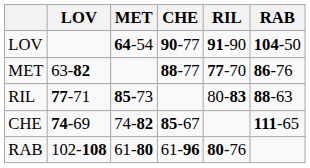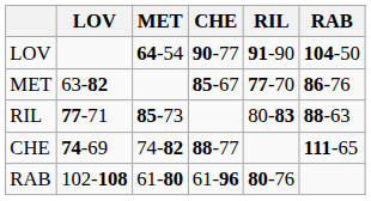 <table class="wikitable">
 <tr>
 <th></th>
 <th> LOV</th>
 <th> MET</th>
 <th> CHE</th>
 <th> RIL</th>
 <th> RAB</th>
 </tr>
 <tr>
 <td> LOV</td>
 <td></td>
 <td><strong>64</strong>-54</td>
 <td><strong>90</strong>-77</td>
 <td><strong>91</strong>-90</td>
 <td><strong>104</strong>-50</td>
 </tr>
 <tr>
 <td> MET</td>
 <td>63-<strong>82</strong></td>
 <td></td>
-<td><strong>88</strong>-77</td>
+<td><strong>85</strong>-67</td>
 <td><strong>77</strong>-70</td>
 <td><strong>86</strong>-76</td>
 </tr>
 <tr>
 <td> RIL</td>
 <td><strong>77</strong>-71</td>
 <td><strong>85-</strong>73</td>
 <td></td>
 <td>80-<strong>83</strong></td>
 <td><strong>88</strong>-63</td>
 </tr>
 <tr>
 <td> CHE</td>
 <td><strong>74</strong>-69</td>
 <td>74-<strong>82</strong></td>
-<td><strong>85</strong>-67</td>
+<td><strong>88</strong>-77</td>
 <td></td>
 <td><strong>111</strong>-65</td>
 </tr>
 <tr>
 <td> RAB</td>
 <td>102-<strong>108</strong></td>
 <td>61-<strong>80</strong></td>
 <td>61-<strong>96</strong></td>
 <td><strong>80</strong>-76</td>
 <td></td>
 </tr>
 </table>
